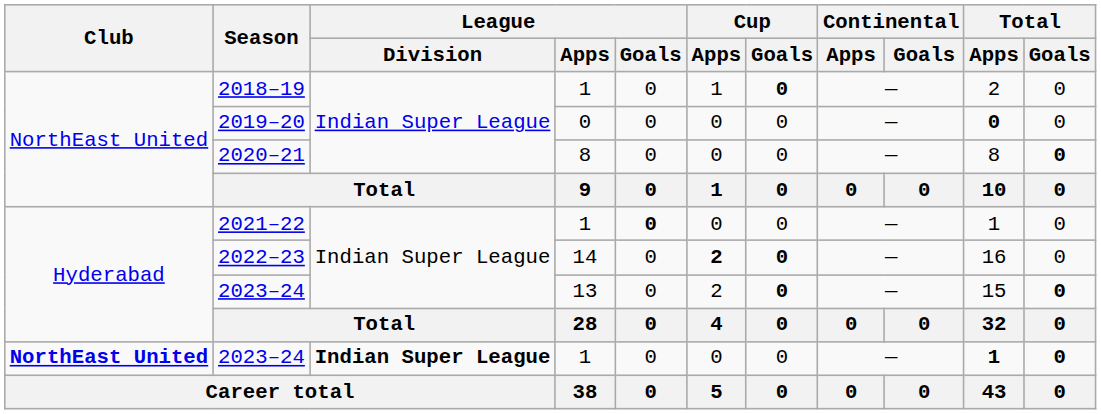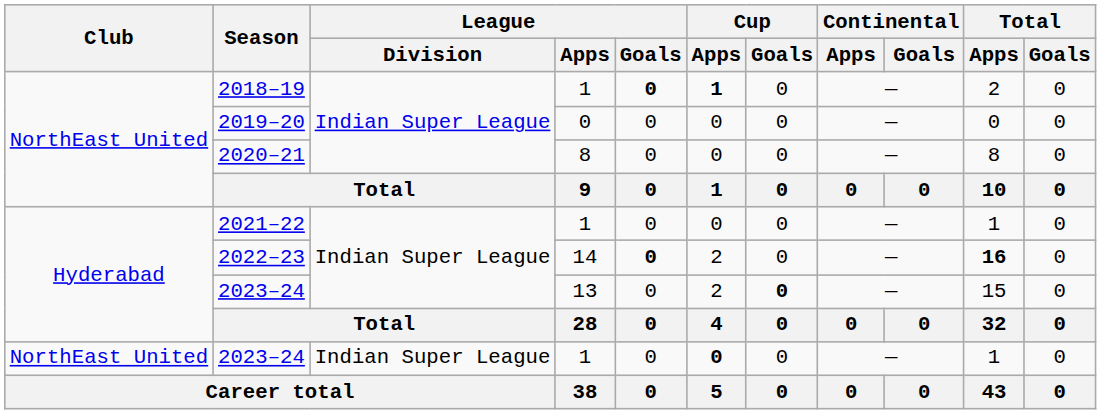 <table class=wikitable style=text-align:center>
 <tr>
 <th rowspan=2>Club</th>
 <th rowspan=2>Season</th>
 <th colspan=3>League</th>
 <th colspan=2>Cup</th>
 <th colspan=2>Continental</th>
 <th colspan=2>Total</th>
 </tr>
 <tr>
 <th>Division</th>
 <th>Apps</th>
 <th>Goals</th>
 <th>Apps</th>
 <th>Goals</th>
 <th>Apps</th>
 <th>Goals</th>
 <th>Apps</th>
 <th>Goals</th>
 </tr>
 <tr>
 <td rowspan="4"><a href='#'>NorthEast United</a></td>
 <td><a href='#'>2018–19</a></td>
 <td rowspan="3"><a href='#'>Indian Super League</a></td>
 <td>1</td>
+<td><strong>0</strong></td>
+<td><strong>1</strong></td>
 <td>0</td>
-<td>1</td>
-<td><strong>0</strong></td>
 <td colspan="2">—</td>
 <td>2</td>
 <td>0</td>
 </tr>
 <tr>
 <td><a href='#'>2019–20</a></td>
 <td>0</td>
 <td>0</td>
 <td>0</td>
 <td>0</td>
 <td colspan="2">—</td>
-<td><strong>0</strong></td>
+<td>0</td>
 <td>0</td>
 </tr>
 <tr>
 <td><a href='#'>2020–21</a></td>
 <td>8</td>
 <td>0</td>
 <td>0</td>
 <td>0</td>
 <td colspan="2">—</td>
 <td>8</td>
-<td><strong>0</strong></td>
+<td>0</td>
 </tr>
 <tr>
 <th colspan="2">Total</th>
 <th>9</th>
 <th>0</th>
 <th>1</th>
 <th>0</th>
 <th>0</th>
 <th>0</th>
 <th>10</th>
 <th>0</th>
 </tr>
 <tr>
 <td rowspan="4"><a href='#'>Hyderabad</a></td>
 <td><a href='#'>2021–22</a></td>
 <td rowspan="3">Indian Super League</td>
 <td>1</td>
-<td><strong>0</strong></td>
+<td>0</td>
 <td>0</td>
 <td>0</td>
 <td colspan="2">—</td>
 <td>1</td>
 <td>0</td>
 </tr>
 <tr>
 <td><a href='#'>2022–23</a></td>
 <td>14</td>
+<td><strong>0</strong></td>
+<td>2</td>
 <td>0</td>
-<td><strong>2</strong></td>
-<td><strong>0</strong></td>
 <td colspan="2">—</td>
-<td>16</td>
+<td><strong>16</strong></td>
 <td>0</td>
 </tr>
 <tr>
 <td><a href='#'>2023–24</a></td>
 <td>13</td>
 <td>0</td>
 <td>2</td>
 <td><strong>0</strong></td>
 <td colspan="2">—</td>
 <td>15</td>
-<td><strong>0</strong></td>
+<td>0</td>
 </tr>
 <tr>
 <th colspan="2">Total</th>
 <th>28</th>
 <th>0</th>
 <th>4</th>
 <th>0</th>
 <th>0</th>
 <th>0</th>
 <th>32</th>
 <th>0</th>
 </tr>
 <tr>
-<td rowspan="1"><strong><a href='#'>NorthEast United</a></strong></td>
+<td rowspan="1"><a href='#'>NorthEast United</a></td>
 <td><a href='#'>2023–24</a></td>
-<td rowspan="1"><strong>Indian Super League</strong></td>
+<td rowspan="1">Indian Super League</td>
 <td>1</td>
 <td>0</td>
-<td>0</td>
+<td><strong>0</strong></td>
 <td>0</td>
 <td colspan="2">—</td>
-<td><strong>1</strong></td>
-<td><strong>0</strong></td>
+<td>1</td>
+<td>0</td>
 </tr>
 <tr>
 <th colspan="3">Career total</th>
 <th>38</th>
 <th>0</th>
 <th>5</th>
 <th>0</th>
 <th>0</th>
 <th>0</th>
 <th>43</th>
 <th>0</th>
 </tr>
 </table>
